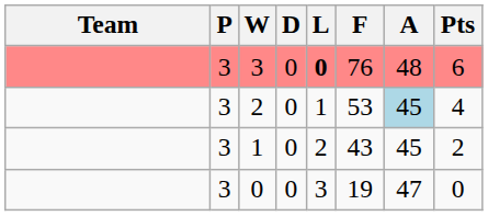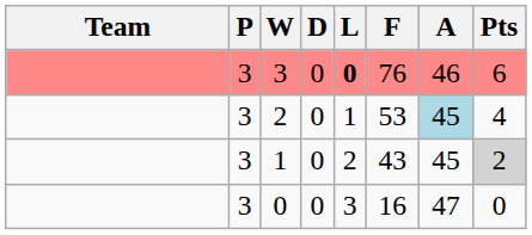 <table class="wikitable" style="text-align:center;">
 <tr>
 <th width="120px">Team</th>
 <th>P</th>
 <th>W</th>
 <th>D</th>
 <th>L</th>
 <th width="23px">F</th>
 <th width="23px">A</th>
 <th width="23px">Pts</th>
 </tr>
 <tr bgcolor="#FF8888">
 <td></td>
 <td>3</td>
 <td>3</td>
 <td>0</td>
 <td><strong>0</strong></td>
 <td>76</td>
-<td>48</td>
+<td>46</td>
 <td>6</td>
 </tr>
 <tr>
 <td></td>
 <td>3</td>
 <td>2</td>
 <td>0</td>
 <td>1</td>
 <td>53</td>
 <td style="background: lightblue;">45</td>
 <td>4</td>
 </tr>
 <tr>
 <td></td>
 <td>3</td>
 <td>1</td>
 <td>0</td>
 <td>2</td>
 <td>43</td>
 <td>45</td>
-<td>2</td>
+<td style="background: lightgrey;">2</td>
 </tr>
 <tr>
 <td></td>
 <td>3</td>
 <td>0</td>
 <td>0</td>
 <td>3</td>
-<td>19</td>
+<td>16</td>
 <td>47</td>
 <td>0</td>
 </tr>
 </table>
